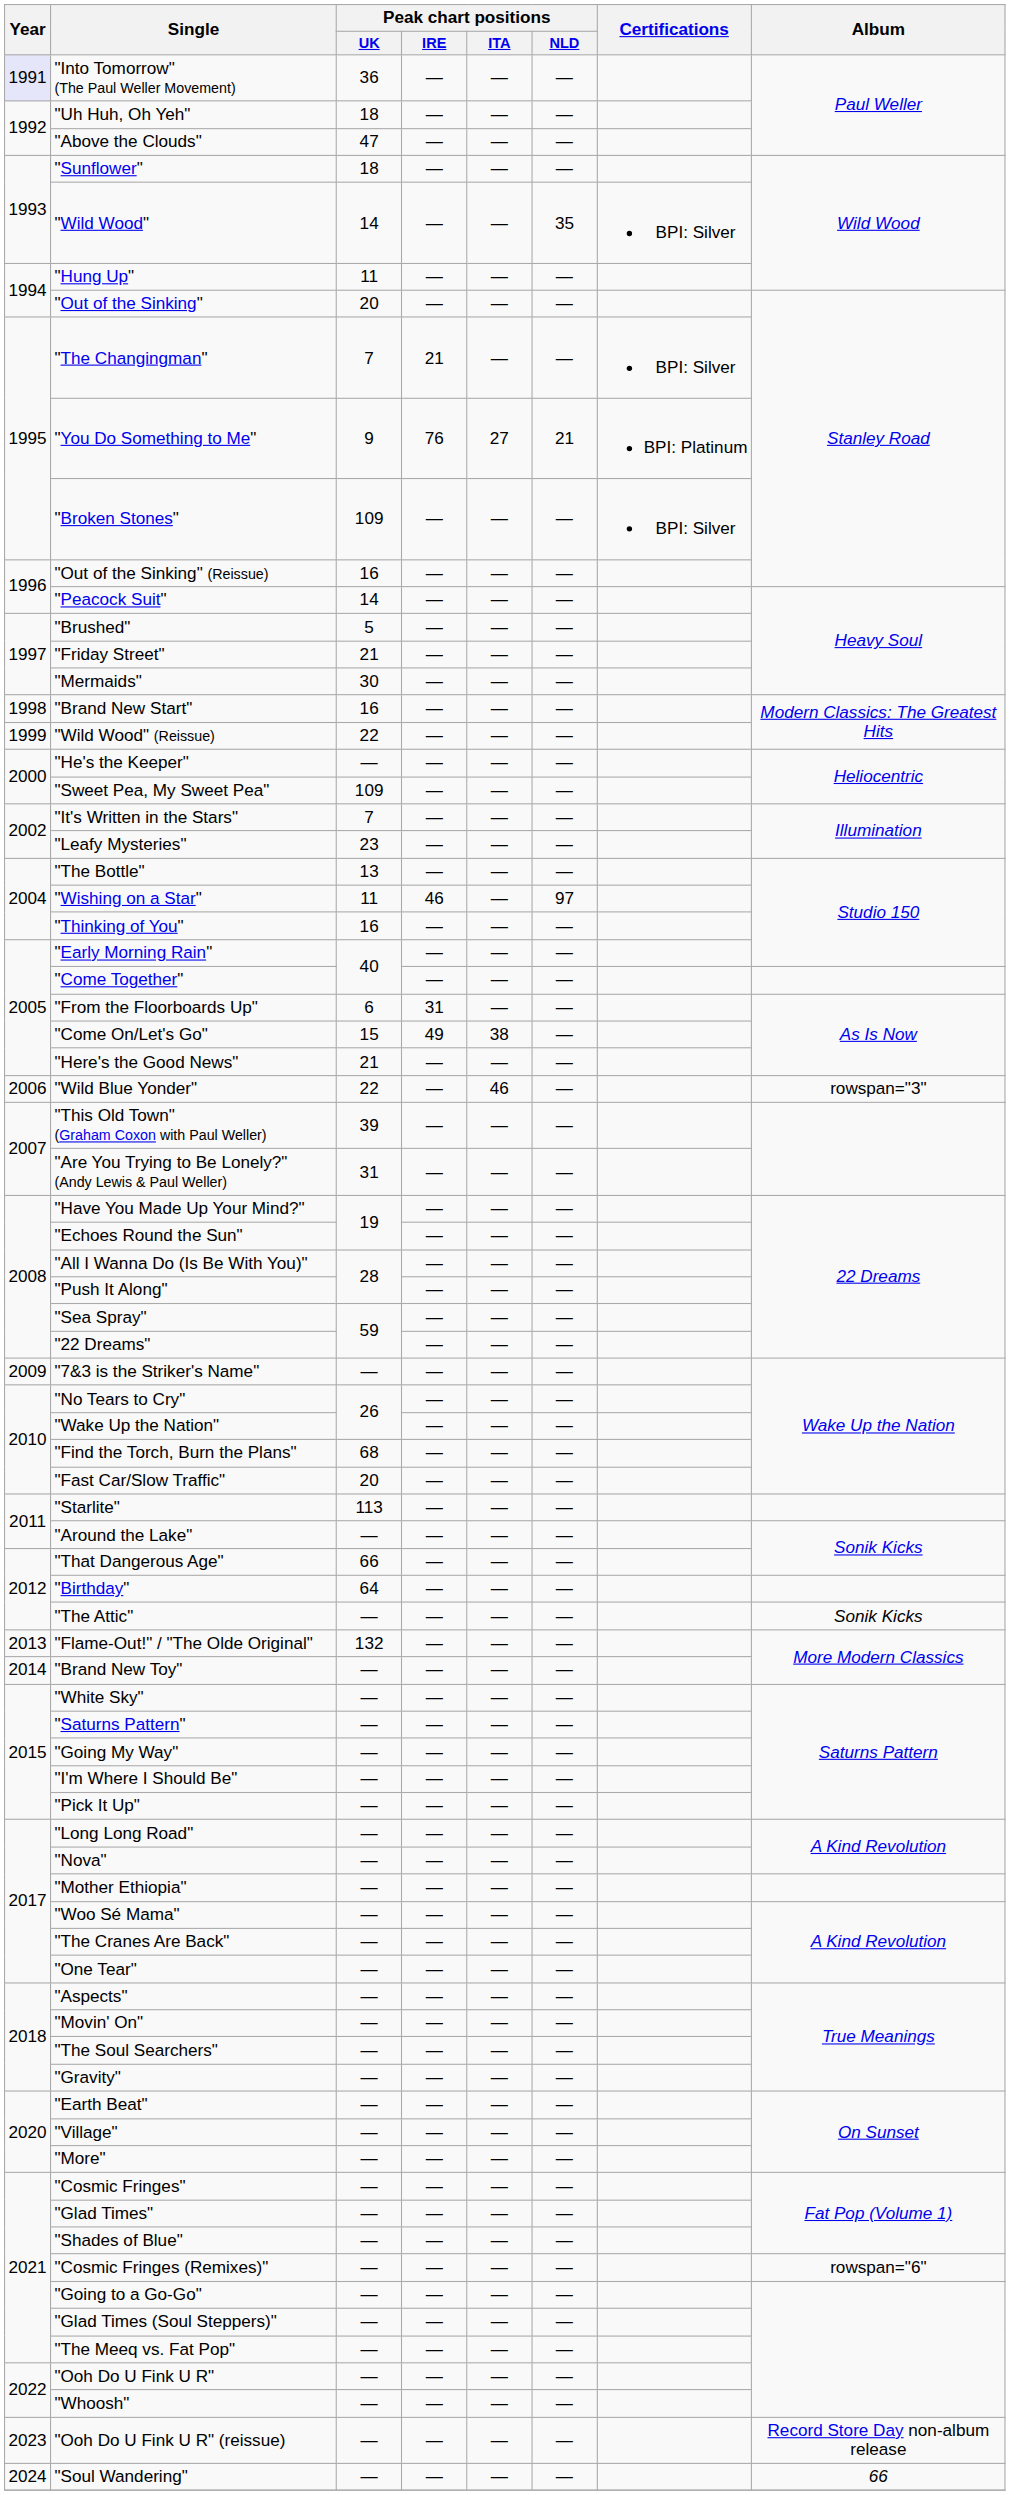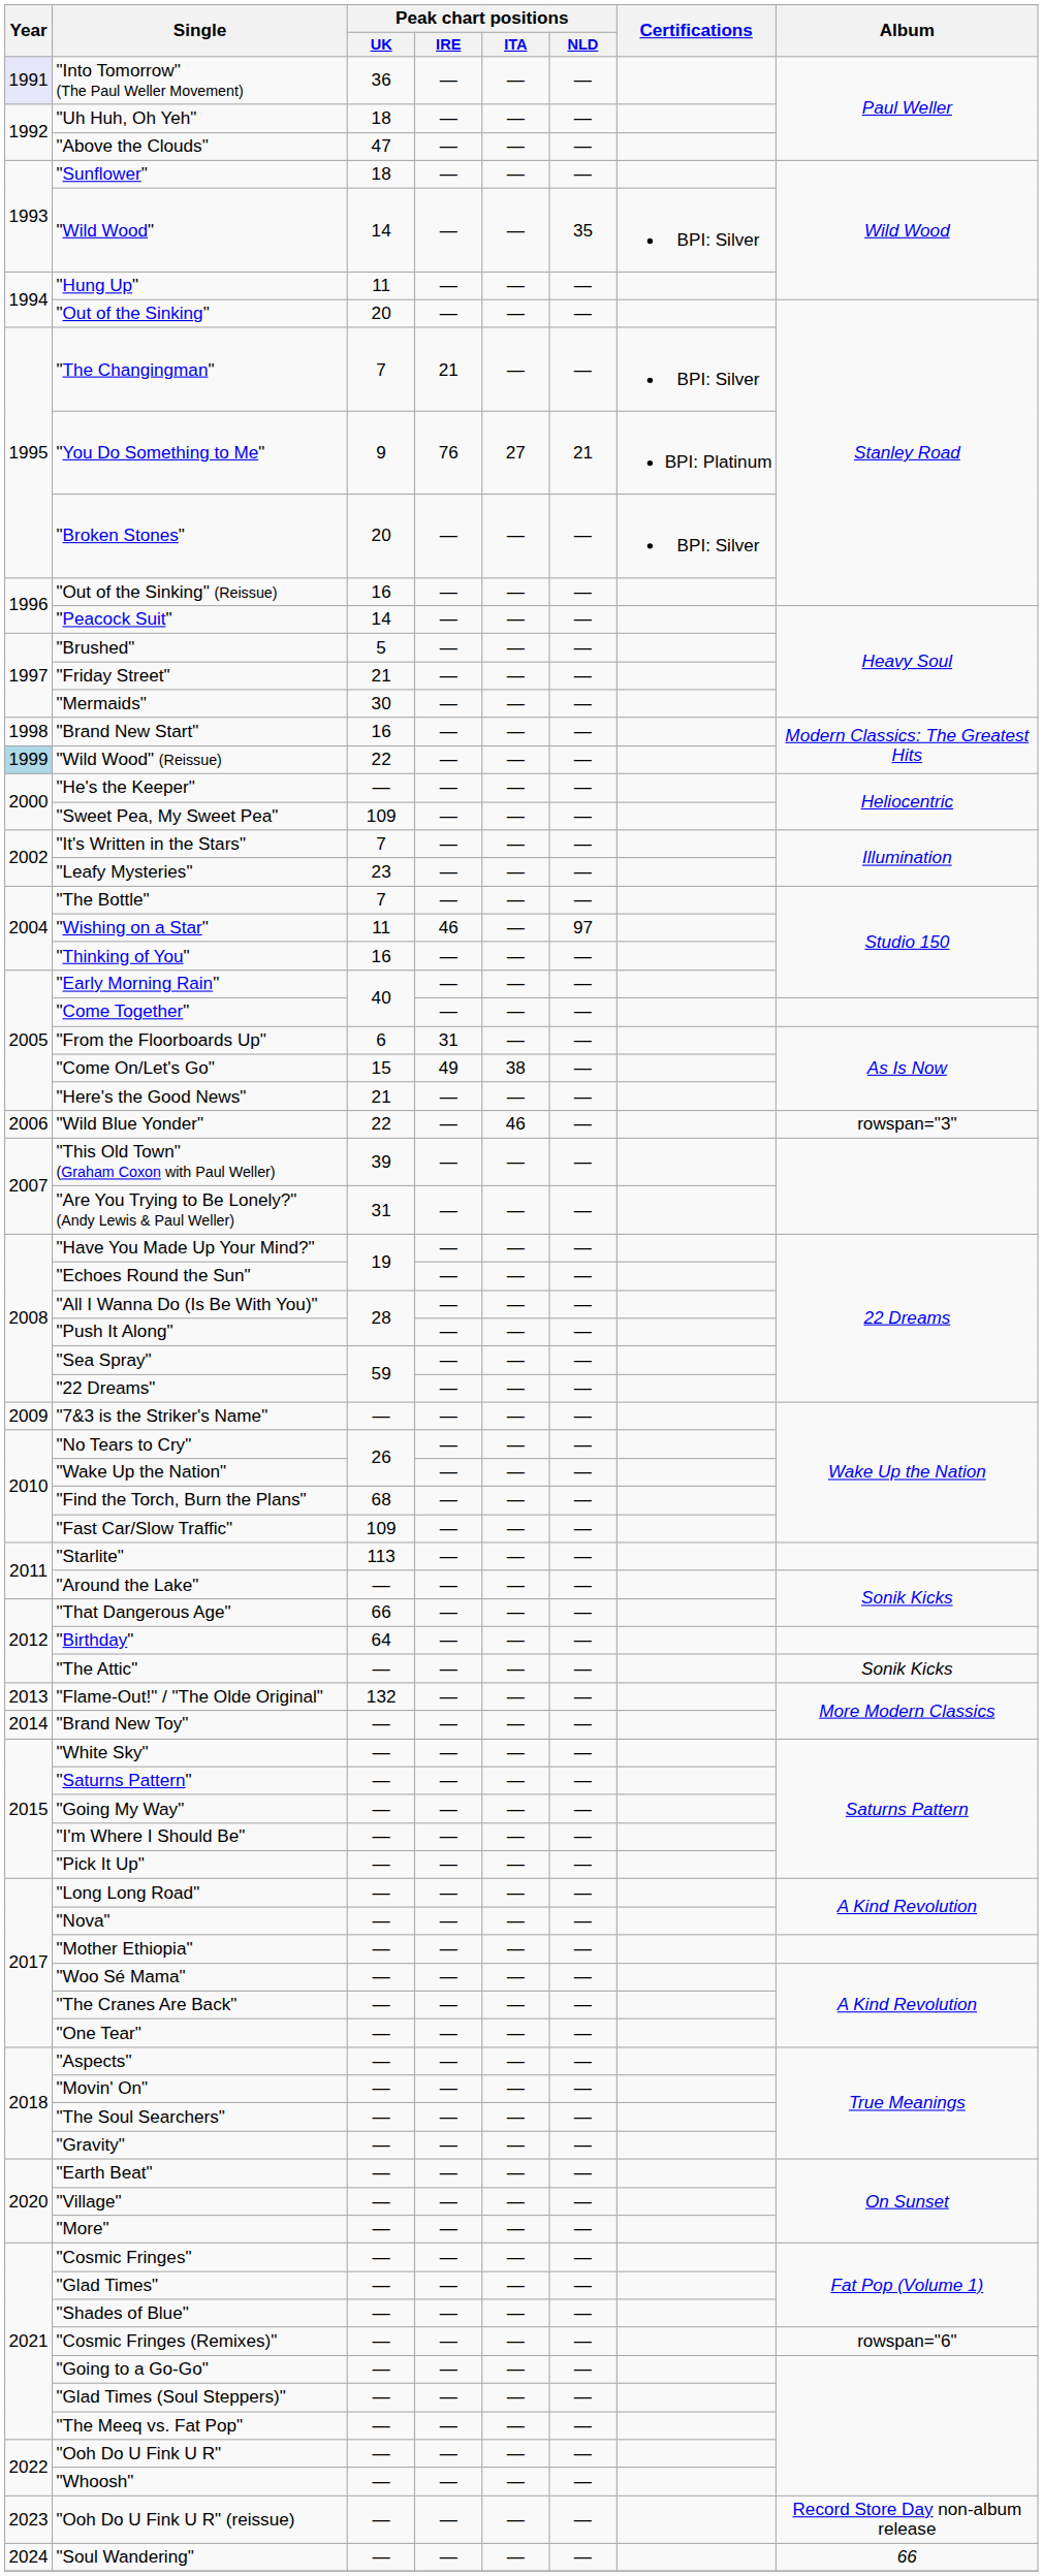 <table class="wikitable" style="text-align:center;">
 <tr>
 <th rowspan="2">Year</th>
 <th rowspan="2" style="width:260px;">Single</th>
 <th colspan="4">Peak chart positions</th>
 <th rowspan="2"><a href='#'>Certifications</a></th>
 <th rowspan="2" style="width:230px;">Album</th>
 </tr>
 <tr>
 <th style="width:4em;font-size:85%"><a href='#'>UK</a><br></th>
 <th style="width:4em;font-size:85%"><a href='#'>IRE</a><br></th>
 <th style="width:4em;font-size:85%"><a href='#'>ITA</a><br></th>
 <th style="width:4em;font-size:85%"><a href='#'>NLD</a><br></th>
 </tr>
 <tr>
 <td style="background: lavender;">1991</td>
 <td align="left">"Into Tomorrow" <br><small>(The Paul Weller Movement)</small></td>
 <td>36</td>
 <td>—</td>
 <td>—</td>
 <td>—</td>
 <td></td>
 <td rowspan="3"><em><a href='#'>Paul Weller</a></em></td>
 </tr>
 <tr>
 <td rowspan="2">1992</td>
 <td align="left">"Uh Huh, Oh Yeh"</td>
 <td>18</td>
 <td>—</td>
 <td>—</td>
 <td>—</td>
 <td></td>
 </tr>
 <tr>
 <td align="left">"Above the Clouds"</td>
 <td>47</td>
 <td>—</td>
 <td>—</td>
 <td>—</td>
 <td></td>
 </tr>
 <tr>
 <td rowspan="2">1993</td>
 <td align="left">"<a href='#'>Sunflower</a>"</td>
 <td>18</td>
 <td>—</td>
 <td>—</td>
 <td>—</td>
 <td></td>
 <td rowspan="3"><em><a href='#'>Wild Wood</a></em></td>
 </tr>
 <tr>
 <td align="left">"<a href='#'>Wild Wood</a>"</td>
 <td>14</td>
 <td>—</td>
 <td>—</td>
 <td>35</td>
 <td><br><ul><li>BPI: Silver</li></ul></td>
 </tr>
 <tr>
 <td rowspan="2">1994</td>
 <td align="left">"<a href='#'>Hung Up</a>"</td>
 <td>11</td>
 <td>—</td>
 <td>—</td>
 <td>—</td>
 <td></td>
 </tr>
 <tr>
 <td align="left">"<a href='#'>Out of the Sinking</a>"</td>
 <td>20</td>
 <td>—</td>
 <td>—</td>
 <td>—</td>
 <td></td>
 <td rowspan="5"><em><a href='#'>Stanley Road</a></em></td>
 </tr>
 <tr>
 <td rowspan="3">1995</td>
 <td align="left">"<a href='#'>The Changingman</a>"</td>
 <td>7</td>
 <td>21</td>
 <td>—</td>
 <td>—</td>
 <td><br><ul><li>BPI: Silver</li></ul></td>
 </tr>
 <tr>
 <td align="left">"<a href='#'>You Do Something to Me</a>"</td>
 <td>9</td>
 <td>76</td>
 <td>27</td>
 <td>21</td>
 <td><br><ul><li>BPI: Platinum</li></ul></td>
 </tr>
 <tr>
 <td align="left">"<a href='#'>Broken Stones</a>"</td>
-<td>109</td>
+<td>20</td>
 <td>—</td>
 <td>—</td>
 <td>—</td>
 <td><br><ul><li>BPI: Silver</li></ul></td>
 </tr>
 <tr>
 <td rowspan="2">1996</td>
 <td align="left">"Out of the Sinking" <small>(Reissue)</small></td>
 <td>16</td>
 <td>—</td>
 <td>—</td>
 <td>—</td>
 <td></td>
 </tr>
 <tr>
 <td align="left">"<a href='#'>Peacock Suit</a>"</td>
 <td>14</td>
 <td>—</td>
 <td>—</td>
 <td>—</td>
 <td></td>
 <td rowspan="4"><em><a href='#'>Heavy Soul</a></em></td>
 </tr>
 <tr>
 <td rowspan="3">1997</td>
 <td align="left">"Brushed"</td>
 <td>5</td>
 <td>—</td>
 <td>—</td>
 <td>—</td>
 <td></td>
 </tr>
 <tr>
 <td align="left">"Friday Street"</td>
 <td>21</td>
 <td>—</td>
 <td>—</td>
 <td>—</td>
 <td></td>
 </tr>
 <tr>
 <td align="left">"Mermaids"</td>
 <td>30</td>
 <td>—</td>
 <td>—</td>
 <td>—</td>
 <td></td>
 </tr>
 <tr>
 <td>1998</td>
 <td align="left">"Brand New Start"</td>
 <td>16</td>
 <td>—</td>
 <td>—</td>
 <td>—</td>
 <td></td>
 <td rowspan="2"><em><a href='#'>Modern Classics: The Greatest Hits</a></em></td>
 </tr>
 <tr>
-<td>1999</td>
+<td style="background: lightblue;">1999</td>
 <td align="left">"Wild Wood" <small>(Reissue)</small></td>
 <td>22</td>
 <td>—</td>
 <td>—</td>
 <td>—</td>
 <td></td>
 </tr>
 <tr>
 <td rowspan="2">2000</td>
 <td align="left">"He's the Keeper"</td>
 <td>—</td>
 <td>—</td>
 <td>—</td>
 <td>—</td>
 <td></td>
 <td rowspan="2"><em><a href='#'>Heliocentric</a></em></td>
 </tr>
 <tr>
 <td align="left">"Sweet Pea, My Sweet Pea"</td>
 <td>109</td>
 <td>—</td>
 <td>—</td>
 <td>—</td>
 <td></td>
 </tr>
 <tr>
 <td rowspan="2">2002</td>
 <td align="left">"It's Written in the Stars"</td>
 <td>7</td>
 <td>—</td>
 <td>—</td>
 <td>—</td>
 <td></td>
 <td rowspan="2"><em><a href='#'>Illumination</a></em></td>
 </tr>
 <tr>
 <td align="left">"Leafy Mysteries"</td>
 <td>23</td>
 <td>—</td>
 <td>—</td>
 <td>—</td>
 <td></td>
 </tr>
 <tr>
 <td rowspan="3">2004</td>
 <td align="left">"The Bottle"</td>
-<td>13</td>
+<td>7</td>
 <td>—</td>
 <td>—</td>
 <td>—</td>
 <td></td>
 <td rowspan="4"><em><a href='#'>Studio 150</a></em></td>
 </tr>
 <tr>
 <td align="left">"<a href='#'>Wishing on a Star</a>"</td>
 <td>11</td>
 <td>46</td>
 <td>—</td>
 <td>97</td>
 <td></td>
 </tr>
 <tr>
 <td align="left">"<a href='#'>Thinking of You</a>"</td>
 <td>16</td>
 <td>—</td>
 <td>—</td>
 <td>—</td>
 <td></td>
 </tr>
 <tr>
 <td rowspan="5">2005</td>
 <td align="left">"<a href='#'>Early Morning Rain</a>"</td>
 <td style="text-align:center;" rowspan="2">40</td>
 <td>—</td>
 <td>—</td>
 <td>—</td>
 <td></td>
 </tr>
 <tr>
 <td align="left">"<a href='#'>Come Together</a>"</td>
 <td>—</td>
 <td>—</td>
 <td>—</td>
 <td></td>
 <td></td>
 </tr>
 <tr>
 <td align="left">"From the Floorboards Up"</td>
 <td>6</td>
 <td>31</td>
 <td>—</td>
 <td>—</td>
 <td></td>
 <td rowspan="3"><em><a href='#'>As Is Now</a></em></td>
 </tr>
 <tr>
 <td align="left">"Come On/Let's Go"</td>
 <td>15</td>
 <td>49</td>
 <td>38</td>
 <td>—</td>
 <td></td>
 </tr>
 <tr>
 <td align="left">"Here's the Good News"</td>
 <td>21</td>
 <td>—</td>
 <td>—</td>
 <td>—</td>
 <td></td>
 </tr>
 <tr>
 <td>2006</td>
 <td align="left">"Wild Blue Yonder"</td>
 <td>22</td>
 <td>—</td>
 <td>46</td>
 <td>—</td>
 <td></td>
 <td>rowspan="3" </td>
 </tr>
 <tr>
 <td rowspan="2">2007</td>
 <td align="left">"This Old Town" <br><small>(<a href='#'>Graham Coxon</a> with Paul Weller)</small></td>
 <td>39</td>
 <td>—</td>
 <td>—</td>
 <td>—</td>
 <td></td>
 </tr>
 <tr>
 <td align="left">"Are You Trying to Be Lonely?" <br><small>(Andy Lewis & Paul Weller)</small></td>
 <td>31</td>
 <td>—</td>
 <td>—</td>
 <td>—</td>
 <td></td>
 </tr>
 <tr>
 <td rowspan="6">2008</td>
 <td align="left">"Have You Made Up Your Mind?"</td>
 <td style="text-align:center;" rowspan="2">19</td>
 <td>—</td>
 <td>—</td>
 <td>—</td>
 <td></td>
 <td rowspan="6"><em><a href='#'>22 Dreams</a></em></td>
 </tr>
 <tr>
 <td align="left">"Echoes Round the Sun"</td>
 <td>—</td>
 <td>—</td>
 <td>—</td>
 <td></td>
 </tr>
 <tr>
 <td align="left">"All I Wanna Do (Is Be With You)"</td>
 <td style="text-align:center;" rowspan="2">28</td>
 <td>—</td>
 <td>—</td>
 <td>—</td>
 <td></td>
 </tr>
 <tr>
 <td align="left">"Push It Along"</td>
 <td>—</td>
 <td>—</td>
 <td>—</td>
 <td></td>
 </tr>
 <tr>
 <td align="left">"Sea Spray"</td>
 <td style="text-align:center;" rowspan="2">59</td>
 <td>—</td>
 <td>—</td>
 <td>—</td>
 <td></td>
 </tr>
 <tr>
 <td align="left">"22 Dreams"</td>
 <td>—</td>
 <td>—</td>
 <td>—</td>
 <td></td>
 </tr>
 <tr>
 <td>2009</td>
 <td align="left">"7&3 is the Striker's Name"</td>
 <td>—</td>
 <td>—</td>
 <td>—</td>
 <td>—</td>
 <td></td>
 <td rowspan="5"><em><a href='#'>Wake Up the Nation</a></em></td>
 </tr>
 <tr>
 <td rowspan="4">2010</td>
 <td align="left">"No Tears to Cry"</td>
 <td style="text-align:center;" rowspan="2">26</td>
 <td>—</td>
 <td>—</td>
 <td>—</td>
 <td></td>
 </tr>
 <tr>
 <td align="left">"Wake Up the Nation"</td>
 <td>—</td>
 <td>—</td>
 <td>—</td>
 <td></td>
 </tr>
 <tr>
 <td align="left">"Find the Torch, Burn the Plans"</td>
 <td>68</td>
 <td>—</td>
 <td>—</td>
 <td>—</td>
 <td></td>
 </tr>
 <tr>
 <td align="left">"Fast Car/Slow Traffic"</td>
-<td>20</td>
+<td>109</td>
 <td>—</td>
 <td>—</td>
 <td>—</td>
 <td></td>
 </tr>
 <tr>
 <td rowspan="2">2011</td>
 <td align="left">"Starlite"</td>
 <td>113</td>
 <td>—</td>
 <td>—</td>
 <td>—</td>
 <td></td>
 <td></td>
 </tr>
 <tr>
 <td align="left">"Around the Lake"</td>
 <td>—</td>
 <td>—</td>
 <td>—</td>
 <td>—</td>
 <td></td>
 <td rowspan="2"><em><a href='#'>Sonik Kicks</a></em></td>
 </tr>
 <tr>
 <td rowspan="3">2012</td>
 <td align="left">"That Dangerous Age"</td>
 <td>66</td>
 <td>—</td>
 <td>—</td>
 <td>—</td>
 <td></td>
 </tr>
 <tr>
 <td align="left">"<a href='#'>Birthday</a>"</td>
 <td>64</td>
 <td>—</td>
 <td>—</td>
 <td>—</td>
 <td></td>
 <td></td>
 </tr>
 <tr>
 <td align="left">"The Attic"</td>
 <td>—</td>
 <td>—</td>
 <td>—</td>
 <td>—</td>
 <td></td>
 <td><em>Sonik Kicks</em></td>
 </tr>
 <tr>
 <td>2013</td>
 <td align="left">"Flame-Out!" / "The Olde Original"</td>
 <td>132</td>
 <td>—</td>
 <td>—</td>
 <td>—</td>
 <td></td>
 <td rowspan="2"><em><a href='#'>More Modern Classics</a></em></td>
 </tr>
 <tr>
 <td>2014</td>
 <td align="left">"Brand New Toy"</td>
 <td>—</td>
 <td>—</td>
 <td>—</td>
 <td>—</td>
 <td></td>
 </tr>
 <tr>
 <td rowspan="5">2015</td>
 <td align="left">"White Sky"</td>
 <td>—</td>
 <td>—</td>
 <td>—</td>
 <td>—</td>
 <td></td>
 <td rowspan="5"><em><a href='#'>Saturns Pattern</a></em></td>
 </tr>
 <tr>
 <td align="left">"<a href='#'>Saturns Pattern</a>"</td>
 <td>—</td>
 <td>—</td>
 <td>—</td>
 <td>—</td>
 <td></td>
 </tr>
 <tr>
 <td align="left">"Going My Way"</td>
 <td>—</td>
 <td>—</td>
 <td>—</td>
 <td>—</td>
 <td></td>
 </tr>
 <tr>
 <td align="left">"I'm Where I Should Be"</td>
 <td>—</td>
 <td>—</td>
 <td>—</td>
 <td>—</td>
 <td></td>
 </tr>
 <tr>
 <td align="left">"Pick It Up"</td>
 <td>—</td>
 <td>—</td>
 <td>—</td>
 <td>—</td>
 <td></td>
 </tr>
 <tr>
 <td rowspan="6">2017</td>
 <td align="left">"Long Long Road"</td>
 <td>—</td>
 <td>—</td>
 <td>—</td>
 <td>—</td>
 <td></td>
 <td rowspan="2"><em><a href='#'>A Kind Revolution</a></em></td>
 </tr>
 <tr>
 <td align="left">"Nova"</td>
 <td>—</td>
 <td>—</td>
 <td>—</td>
 <td>—</td>
 <td></td>
 </tr>
 <tr>
 <td align="left">"Mother Ethiopia"</td>
 <td>—</td>
 <td>—</td>
 <td>—</td>
 <td>—</td>
 <td></td>
 <td></td>
 </tr>
 <tr>
 <td align="left">"Woo Sé Mama"</td>
 <td>—</td>
 <td>—</td>
 <td>—</td>
 <td>—</td>
 <td></td>
 <td rowspan="3"><em><a href='#'>A Kind Revolution</a></em></td>
 </tr>
 <tr>
 <td align="left">"The Cranes Are Back"</td>
 <td>—</td>
 <td>—</td>
 <td>—</td>
 <td>—</td>
 <td></td>
 </tr>
 <tr>
 <td align="left">"One Tear"</td>
 <td>—</td>
 <td>—</td>
 <td>—</td>
 <td>—</td>
 <td></td>
 </tr>
 <tr>
 <td rowspan="4">2018</td>
 <td align="left">"Aspects"</td>
 <td>—</td>
 <td>—</td>
 <td>—</td>
 <td>—</td>
 <td></td>
 <td rowspan="4"><em><a href='#'>True Meanings</a></em></td>
 </tr>
 <tr>
 <td align="left">"Movin' On"</td>
 <td>—</td>
 <td>—</td>
 <td>—</td>
 <td>—</td>
 <td></td>
 </tr>
 <tr>
 <td align="left">"The Soul Searchers"</td>
 <td>—</td>
 <td>—</td>
 <td>—</td>
 <td>—</td>
 <td></td>
 </tr>
 <tr>
 <td align="left">"Gravity"</td>
 <td>—</td>
 <td>—</td>
 <td>—</td>
 <td>—</td>
 <td></td>
 </tr>
 <tr>
 <td rowspan="3">2020</td>
 <td align="left">"Earth Beat"</td>
 <td>—</td>
 <td>—</td>
 <td>—</td>
 <td>—</td>
 <td></td>
 <td rowspan="3"><em><a href='#'>On Sunset</a></em></td>
 </tr>
 <tr>
 <td align="left">"Village"</td>
 <td>—</td>
 <td>—</td>
 <td>—</td>
 <td>—</td>
 <td></td>
 </tr>
 <tr>
 <td align="left">"More"</td>
 <td>—</td>
 <td>—</td>
 <td>—</td>
 <td>—</td>
 <td></td>
 </tr>
 <tr>
 <td rowspan="7">2021</td>
 <td align="left">"Cosmic Fringes"</td>
 <td>—</td>
 <td>—</td>
 <td>—</td>
 <td>—</td>
 <td></td>
 <td rowspan="3"><em><a href='#'>Fat Pop (Volume 1)</a></em></td>
 </tr>
 <tr>
 <td align="left">"Glad Times"</td>
 <td>—</td>
 <td>—</td>
 <td>—</td>
 <td>—</td>
 <td></td>
 </tr>
 <tr>
 <td align="left">"Shades of Blue"</td>
 <td>—</td>
 <td>—</td>
 <td>—</td>
 <td>—</td>
 <td></td>
 </tr>
 <tr>
 <td align="left">"Cosmic Fringes (Remixes)"</td>
 <td>—</td>
 <td>—</td>
 <td>—</td>
 <td>—</td>
 <td></td>
 <td>rowspan="6" </td>
 </tr>
 <tr>
 <td align="left">"Going to a Go-Go"</td>
 <td>—</td>
 <td>—</td>
 <td>—</td>
 <td>—</td>
 <td></td>
 </tr>
 <tr>
 <td align="left">"Glad Times (Soul Steppers)"</td>
 <td>—</td>
 <td>—</td>
 <td>—</td>
 <td>—</td>
 <td></td>
 </tr>
 <tr>
 <td align="left">"The Meeq vs. Fat Pop"</td>
 <td>—</td>
 <td>—</td>
 <td>—</td>
 <td>—</td>
 <td></td>
 </tr>
 <tr>
 <td rowspan="2">2022</td>
 <td align="left">"Ooh Do U Fink U R"<br></td>
 <td>—</td>
 <td>—</td>
 <td>—</td>
 <td>—</td>
 <td></td>
 </tr>
 <tr>
 <td align="left">"Whoosh"</td>
 <td>—</td>
 <td>—</td>
 <td>—</td>
 <td>—</td>
 <td></td>
 </tr>
 <tr>
 <td>2023</td>
 <td align="left">"Ooh Do U Fink U R" (reissue)<br></td>
 <td>—</td>
 <td>—</td>
 <td>—</td>
 <td>—</td>
 <td></td>
 <td><a href='#'>Record Store Day</a> non-album release</td>
 </tr>
 <tr>
 <td>2024</td>
 <td align="left">"Soul Wandering"</td>
 <td>—</td>
 <td>—</td>
 <td>—</td>
 <td>—</td>
 <td></td>
 <td><em>66</em></td>
 </tr>
 <tr>
 </tr>
 </table>
